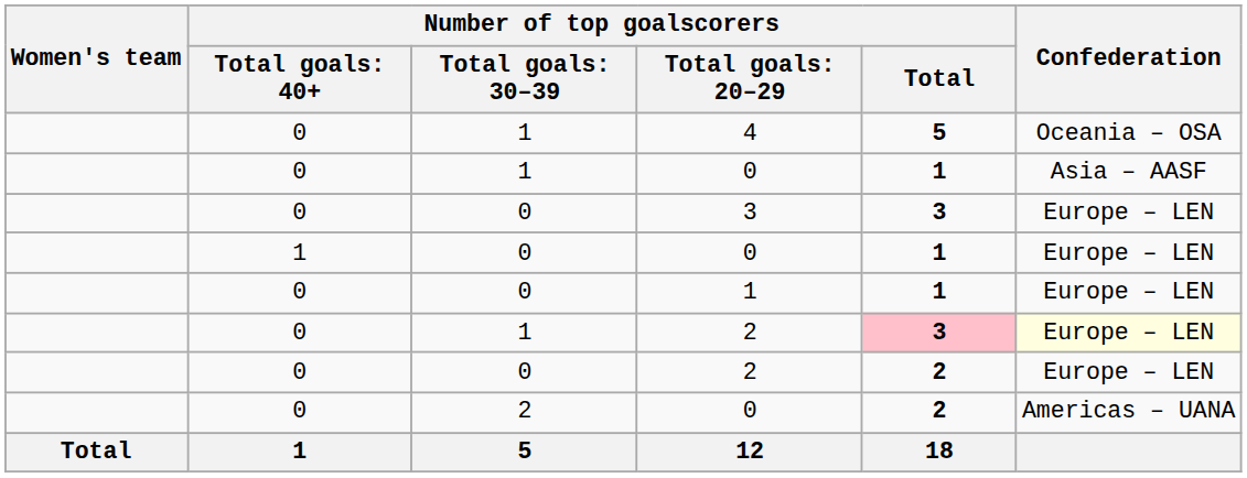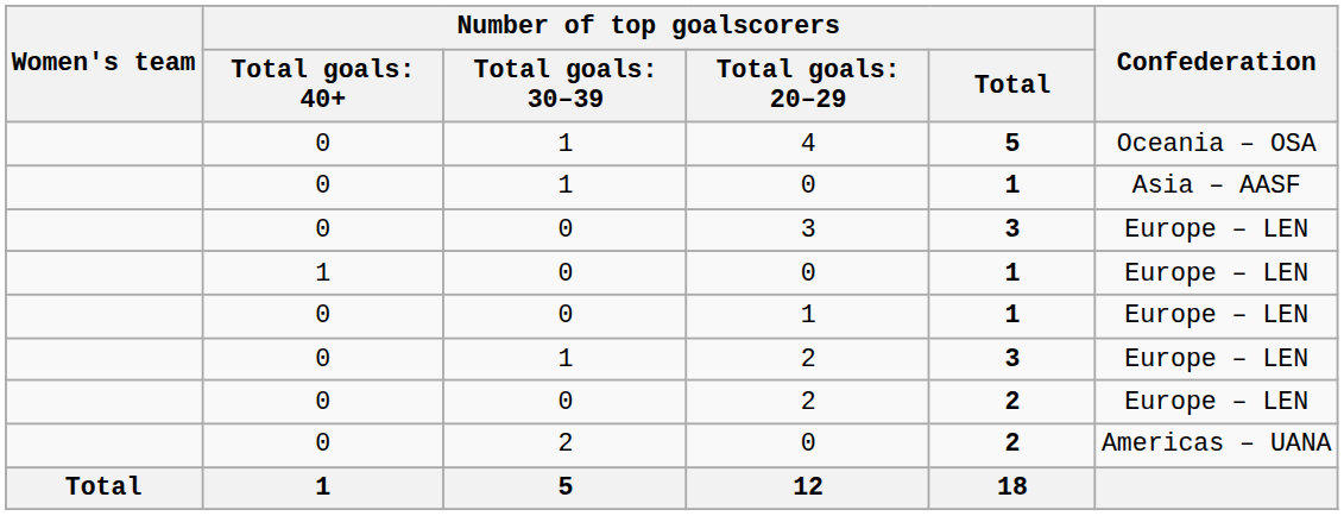 <table class="wikitable sortable" style="text-align: center; font-size: 90%; margin-left: 1em;">
 <tr>
 <th rowspan="2">Women's team</th>
 <th colspan="4">Number of top goalscorers</th>
 <th rowspan="2">Confederation</th>
 </tr>
 <tr>
 <th style="width: 9em;">Total goals: 40+</th>
 <th style="width: 9em;">Total goals: 30–39</th>
 <th style="width: 9em;">Total goals: 20–29</th>
 <th style="width: 6em;">Total</th>
 </tr>
 <tr>
 <td style="text-align: left;"></td>
 <td>0</td>
 <td>1</td>
 <td>4</td>
 <td><strong>5</strong></td>
 <td>Oceania – OSA</td>
 </tr>
 <tr>
 <td style="text-align: left;"></td>
 <td>0</td>
 <td>1</td>
 <td>0</td>
 <td><strong>1</strong></td>
 <td>Asia – AASF</td>
 </tr>
 <tr>
 <td style="text-align: left;"></td>
 <td>0</td>
 <td>0</td>
 <td>3</td>
 <td><strong>3</strong></td>
 <td>Europe – LEN</td>
 </tr>
 <tr>
 <td style="text-align: left;"></td>
 <td>1</td>
 <td>0</td>
 <td>0</td>
 <td><strong>1</strong></td>
 <td>Europe – LEN</td>
 </tr>
 <tr>
 <td style="text-align: left;"></td>
 <td>0</td>
 <td>0</td>
 <td>1</td>
 <td><strong>1</strong></td>
 <td>Europe – LEN</td>
 </tr>
 <tr>
 <td style="text-align: left;"></td>
 <td>0</td>
 <td>1</td>
 <td>2</td>
-<td style="background: pink;"><strong>3</strong></td>
-<td style="background: lightyellow;">Europe – LEN</td>
+<td><strong>3</strong></td>
+<td>Europe – LEN</td>
 </tr>
 <tr>
 <td style="text-align: left;"></td>
 <td>0</td>
 <td>0</td>
 <td>2</td>
 <td><strong>2</strong></td>
 <td>Europe – LEN</td>
 </tr>
 <tr>
 <td style="text-align: left;"></td>
 <td>0</td>
 <td>2</td>
 <td>0</td>
 <td><strong>2</strong></td>
 <td>Americas – UANA</td>
 </tr>
 <tr>
 <th>Total</th>
 <th>1</th>
 <th>5</th>
 <th>12</th>
 <th>18</th>
 <th></th>
 </tr>
 </table>
